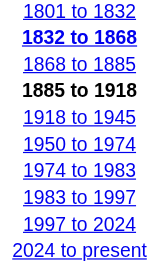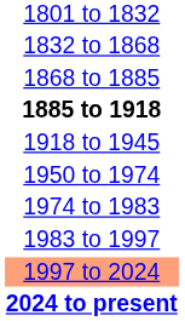 <table id=toc style="float:right; margin-left:1em">
 <tr>
 <td style="text-align:center"><a href='#'>1801 to 1832</a></td>
 </tr>
 <tr>
-<td style="text-align:center"><strong><a href='#'>1832 to 1868</a></strong></td>
+<td style="text-align:center"><a href='#'>1832 to 1868</a></td>
 </tr>
 <tr>
 <td style="text-align:center"><a href='#'>1868 to 1885</a></td>
 </tr>
 <tr>
 <td style="text-align:center"><strong>1885 to 1918</strong></td>
 </tr>
 <tr>
 <td style="text-align:center"><a href='#'>1918 to 1945</a></td>
 </tr>
 <tr>
 <td style="text-align:center"><a href='#'>1950 to 1974</a></td>
 </tr>
 <tr>
 <td style="text-align:center"><a href='#'>1974 to 1983</a></td>
 </tr>
 <tr>
 <td style="text-align:center"><a href='#'>1983 to 1997</a></td>
 </tr>
 <tr>
-<td style="text-align:center;"><a href='#'>1997 to 2024</a></td>
+<td style="background: lightsalmon; text-align:center;"><a href='#'>1997 to 2024</a></td>
 </tr>
 <tr>
-<td style="text-align:center"><a href='#'>2024 to present</a></td>
+<td style="text-align:center"><strong><a href='#'>2024 to present</a></strong></td>
 </tr>
 </table>
